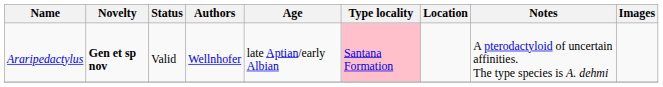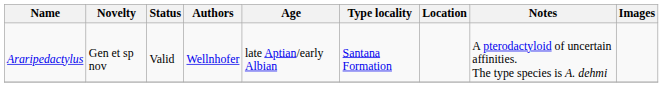 <table class="wikitable sortable" align="center" width="100%">
 <tr>
 <th>Name</th>
 <th>Novelty</th>
 <th>Status</th>
 <th>Authors</th>
 <th>Age</th>
 <th>Type locality</th>
 <th>Location</th>
 <th>Notes</th>
 <th>Images</th>
 </tr>
 <tr>
 <td><br><em><a href='#'>Araripedactylus</a></em></td>
-<td><strong><br>Gen et sp nov</strong></td>
+<td><br>Gen et sp nov</td>
 <td><br>Valid</td>
 <td><br><a href='#'>Wellnhofer</a></td>
 <td><br>late <a href='#'>Aptian</a>/early <a href='#'>Albian</a></td>
-<td style="background: pink;"><br><a href='#'>Santana Formation</a></td>
+<td><br><a href='#'>Santana Formation</a></td>
 <td><br></td>
 <td><br>A <a href='#'>pterodactyloid</a> of uncertain affinities.<br>The type species is <em>A. dehmi</em></td>
 <td></td>
 </tr>
 <tr>
 </tr>
 </table>
